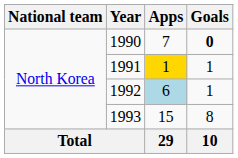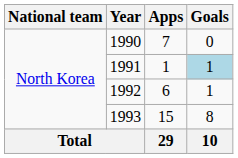 <table class="wikitable" style="text-align:center">
 <tr>
 <th>National team</th>
 <th>Year</th>
 <th>Apps</th>
 <th>Goals</th>
 </tr>
 <tr>
 <td rowspan="4"><a href='#'>North Korea</a></td>
 <td>1990</td>
 <td>7</td>
-<td><strong>0</strong></td>
+<td>0</td>
 </tr>
 <tr>
 <td>1991</td>
-<td style="background: gold;">1</td>
 <td>1</td>
+<td style="background: lightblue;">1</td>
 </tr>
 <tr>
 <td>1992</td>
-<td style="background: lightblue;">6</td>
+<td>6</td>
 <td>1</td>
 </tr>
 <tr>
 <td>1993</td>
 <td>15</td>
 <td>8</td>
 </tr>
 <tr>
 <th colspan=2>Total</th>
 <th>29</th>
 <th>10</th>
 </tr>
 </table>
